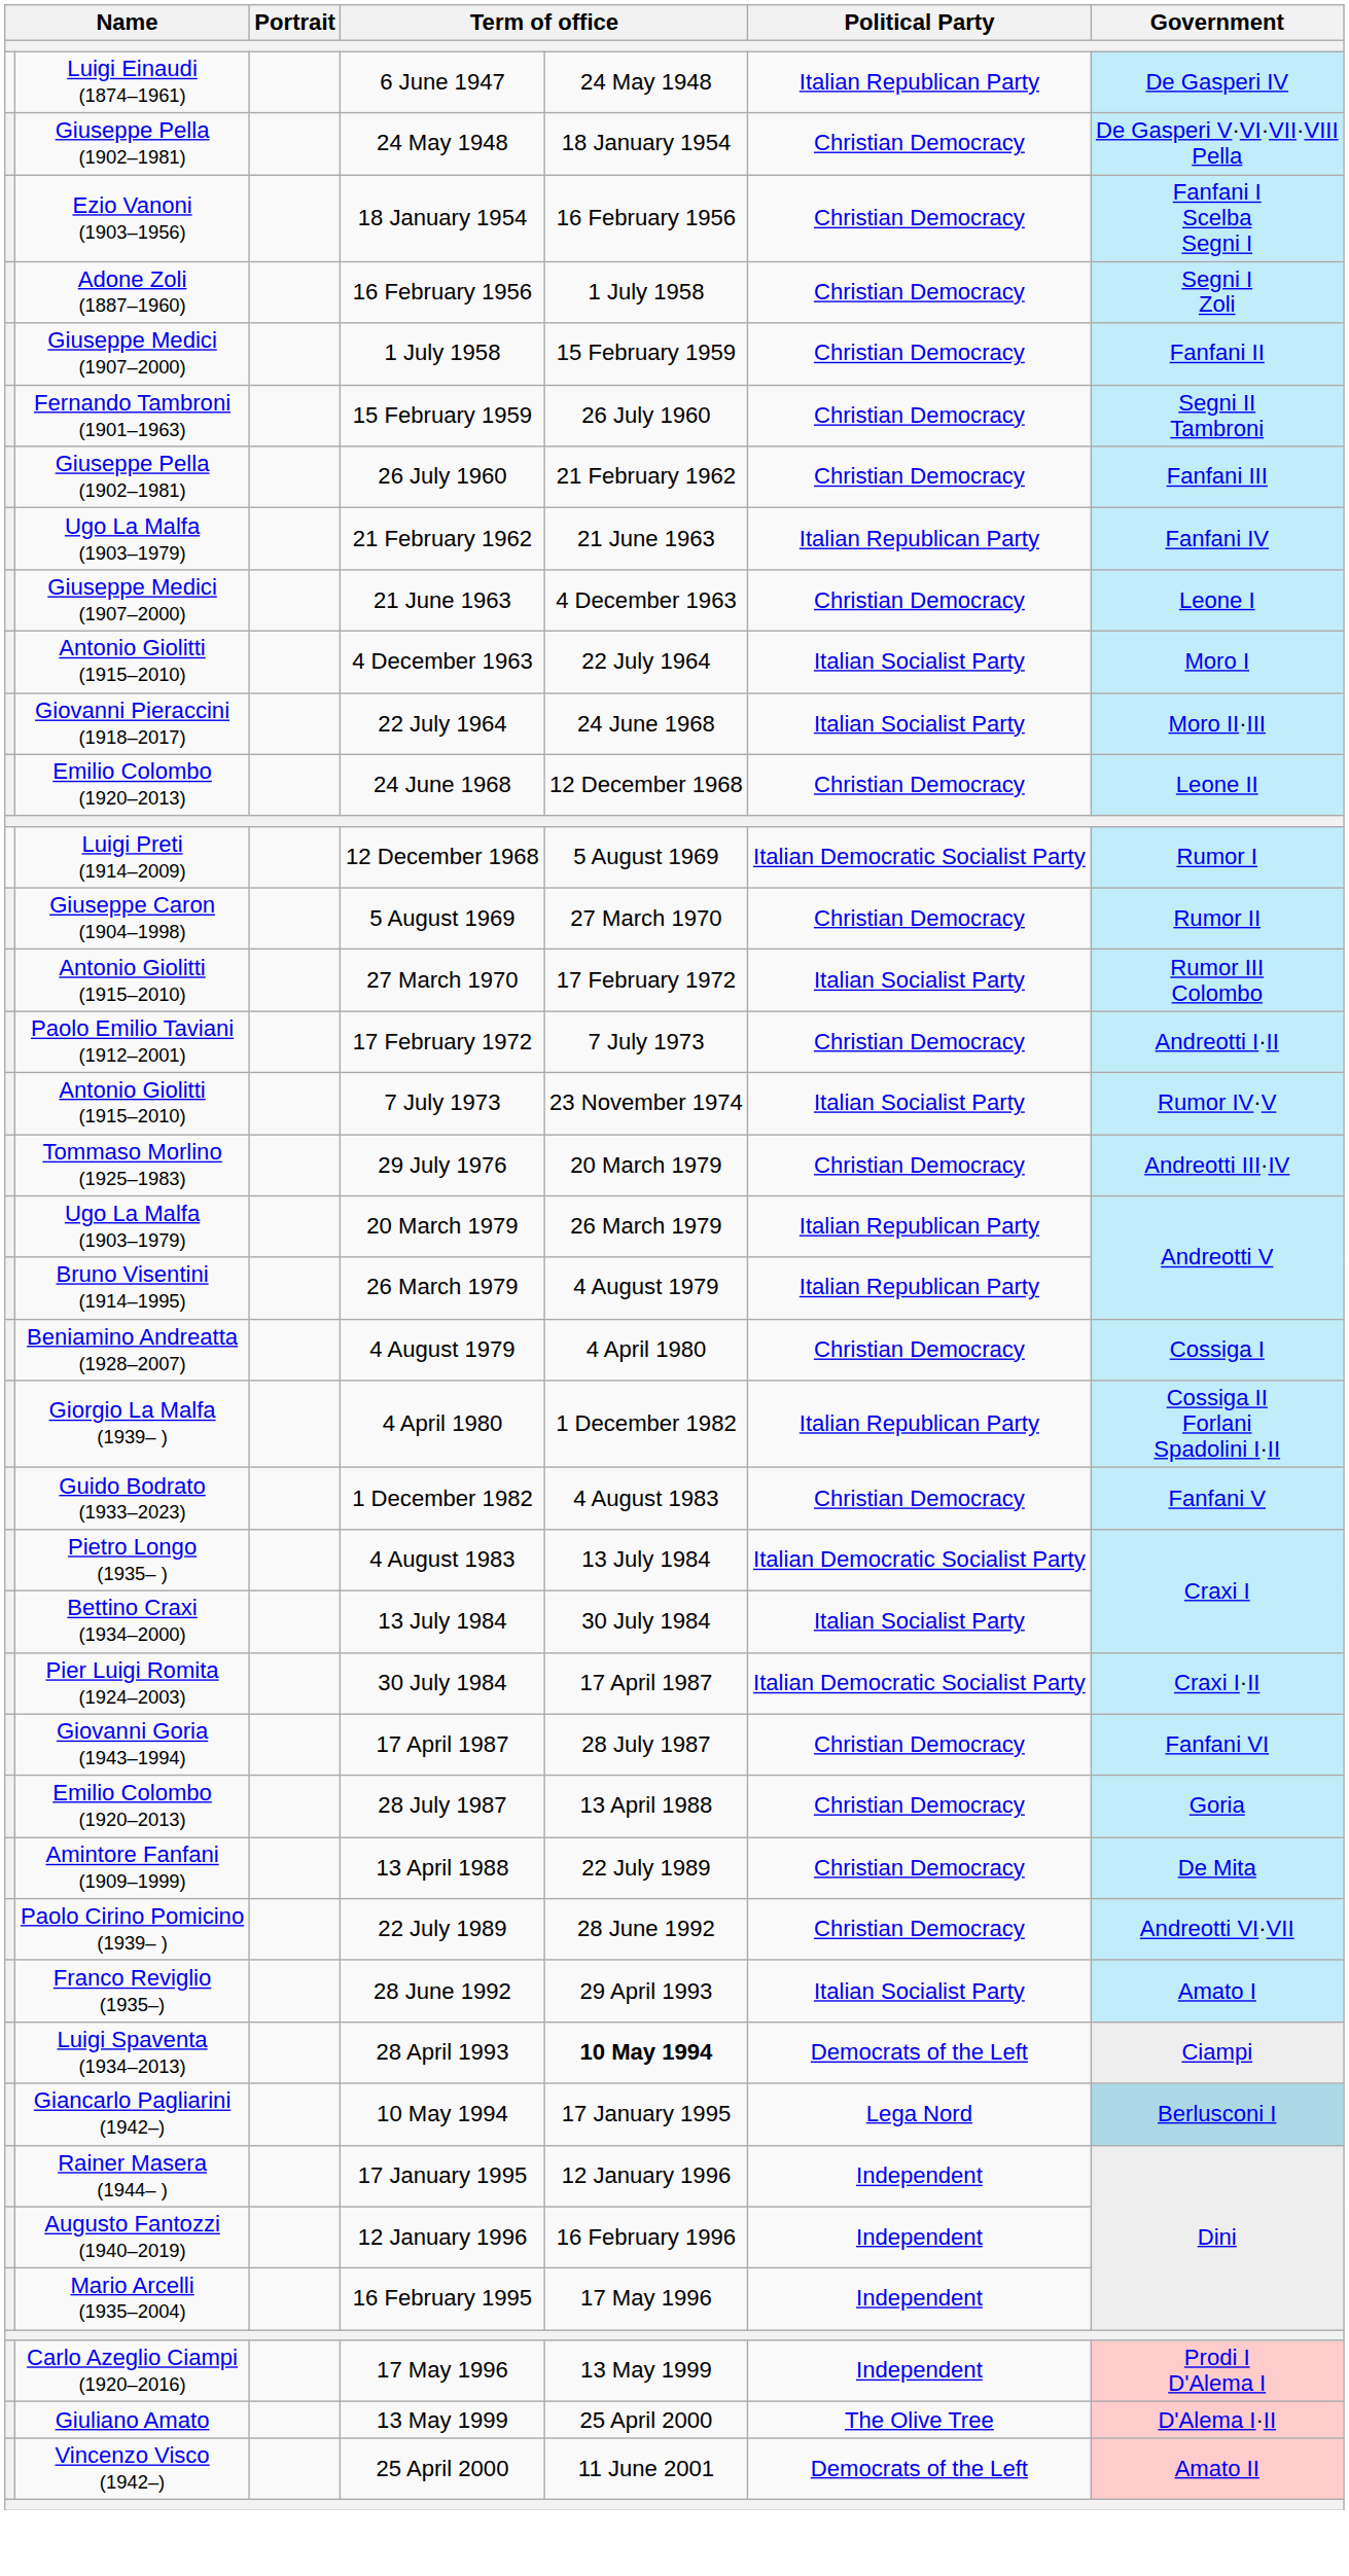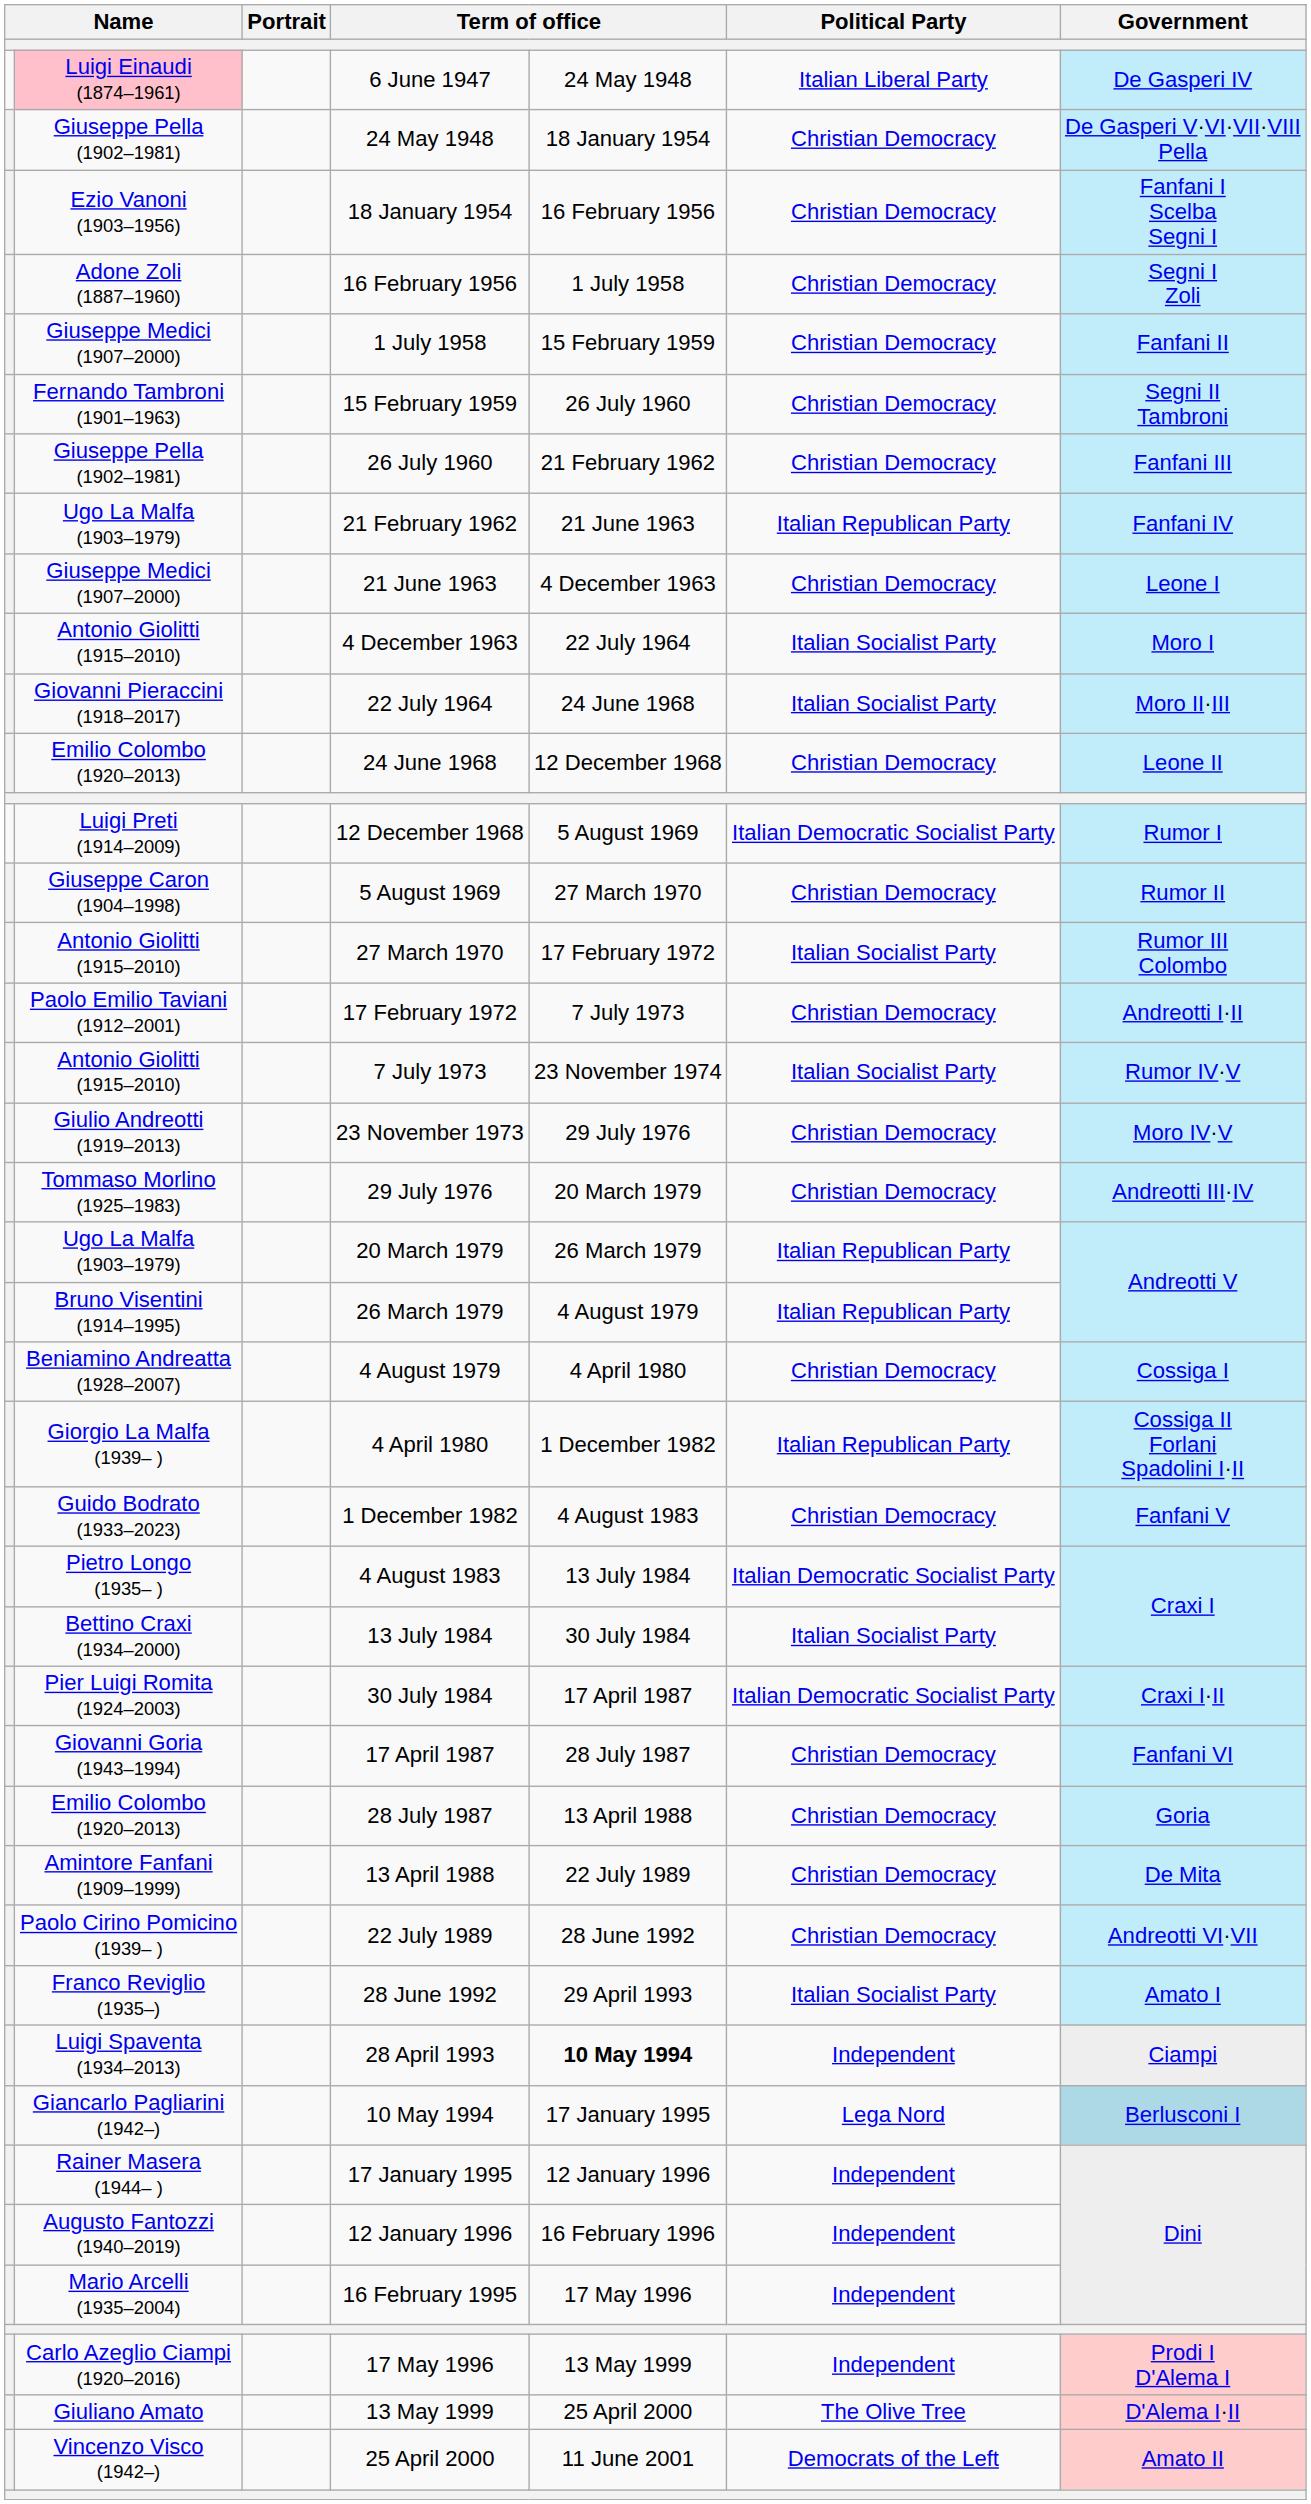 <table class="wikitable" style="text-align:center">
 <tr>
 <th colspan=2>Name<br></th>
 <th>Portrait</th>
 <th colspan=2>Term of office</th>
 <th>Political Party</th>
 <th>Government</th>
 </tr>
 <tr>
 <th colspan=7></th>
 </tr>
 <tr>
 <td style="background:"></td>
-<td><a href='#'>Luigi Einaudi</a><br><small>(1874–1961)</small></td>
+<td style="background: pink;"><a href='#'>Luigi Einaudi</a><br><small>(1874–1961)</small></td>
 <td></td>
 <td>6 June 1947</td>
 <td>24 May 1948</td>
-<td><a href='#'>Italian Republican Party</a></td>
+<td><a href='#'>Italian Liberal Party</a></td>
 <td bgcolor=#C1ECFA><a href='#'>De Gasperi IV</a></td>
 </tr>
 <tr>
 <th style="background:"></th>
 <td><a href='#'>Giuseppe Pella</a><br><small>(1902–1981)</small></td>
 <td></td>
 <td>24 May 1948</td>
 <td>18 January 1954</td>
 <td><a href='#'>Christian Democracy</a></td>
 <td bgcolor=#C1ECFA><a href='#'>De Gasperi V</a>·<a href='#'>VI</a>·<a href='#'>VII</a>·<a href='#'>VIII</a><br><a href='#'>Pella</a></td>
 </tr>
 <tr>
 <th style="background:"></th>
 <td><a href='#'>Ezio Vanoni</a><br><small>(1903–1956)</small></td>
 <td></td>
 <td>18 January 1954</td>
 <td>16 February 1956</td>
 <td><a href='#'>Christian Democracy</a></td>
 <td bgcolor=#C1ECFA><a href='#'>Fanfani I</a><br><a href='#'>Scelba</a><br><a href='#'>Segni I</a></td>
 </tr>
 <tr>
 <th style="background:"></th>
 <td><a href='#'>Adone Zoli</a><br><small>(1887–1960)</small></td>
 <td></td>
 <td>16 February 1956</td>
 <td>1 July 1958</td>
 <td><a href='#'>Christian Democracy</a></td>
 <td bgcolor=#C1ECFA><a href='#'>Segni I</a><br><a href='#'>Zoli</a></td>
 </tr>
 <tr>
 <th style="background:"></th>
 <td><a href='#'>Giuseppe Medici</a><br><small>(1907–2000)</small></td>
 <td></td>
 <td>1 July 1958</td>
 <td>15 February 1959</td>
 <td><a href='#'>Christian Democracy</a></td>
 <td bgcolor=#C1ECFA><a href='#'>Fanfani II</a></td>
 </tr>
 <tr>
 <th style="background:"></th>
 <td><a href='#'>Fernando Tambroni</a><br><small>(1901–1963)</small></td>
 <td></td>
 <td>15 February 1959</td>
 <td>26 July 1960</td>
 <td><a href='#'>Christian Democracy</a></td>
 <td bgcolor=#C1ECFA><a href='#'>Segni II</a><br><a href='#'>Tambroni</a></td>
 </tr>
 <tr>
 <th style="background:"></th>
 <td><a href='#'>Giuseppe Pella</a><br><small>(1902–1981)</small></td>
 <td></td>
 <td>26 July 1960</td>
 <td>21 February 1962</td>
 <td><a href='#'>Christian Democracy</a></td>
 <td bgcolor=#C1ECFA><a href='#'>Fanfani III</a></td>
 </tr>
 <tr>
 <th style="background:"></th>
 <td><a href='#'>Ugo La Malfa</a><br><small>(1903–1979)</small></td>
 <td></td>
 <td>21 February 1962</td>
 <td>21 June 1963</td>
 <td><a href='#'>Italian Republican Party</a></td>
 <td bgcolor=#C1ECFA><a href='#'>Fanfani IV</a></td>
 </tr>
 <tr>
 <th style="background:"></th>
 <td><a href='#'>Giuseppe Medici</a><br><small>(1907–2000)</small></td>
 <td></td>
 <td>21 June 1963</td>
 <td>4 December 1963</td>
 <td><a href='#'>Christian Democracy</a></td>
 <td bgcolor=#C1ECFA><a href='#'>Leone I</a></td>
 </tr>
 <tr>
 <th style="background:"></th>
 <td><a href='#'>Antonio Giolitti</a><br><small>(1915–2010)</small></td>
 <td></td>
 <td>4 December 1963</td>
 <td>22 July 1964</td>
 <td><a href='#'>Italian Socialist Party</a></td>
 <td bgcolor=#C1ECFA><a href='#'>Moro I</a></td>
 </tr>
 <tr>
 <th style="background:"></th>
 <td><a href='#'>Giovanni Pieraccini</a><br><small>(1918–2017)</small></td>
 <td></td>
 <td>22 July 1964</td>
 <td>24 June 1968</td>
 <td><a href='#'>Italian Socialist Party</a></td>
 <td bgcolor=#C1ECFA><a href='#'>Moro II</a>·<a href='#'>III</a></td>
 </tr>
 <tr>
 <th style="background:"></th>
 <td><a href='#'>Emilio Colombo</a><br><small>(1920–2013)</small></td>
 <td></td>
 <td>24 June 1968</td>
 <td>12 December 1968</td>
 <td><a href='#'>Christian Democracy</a></td>
 <td bgcolor=#C1ECFA><a href='#'>Leone II</a></td>
 </tr>
 <tr>
 <th colspan=7></th>
 </tr>
 <tr>
 <td style="background:"></td>
 <td><a href='#'>Luigi Preti</a><br><small>(1914–2009)</small></td>
 <td></td>
 <td>12 December 1968</td>
 <td>5 August 1969</td>
 <td><a href='#'>Italian Democratic Socialist Party</a></td>
 <td bgcolor=#C1ECFA><a href='#'>Rumor I</a></td>
 </tr>
 <tr>
 <th style="background:"></th>
 <td><a href='#'>Giuseppe Caron</a><br><small>(1904–1998)</small></td>
 <td></td>
 <td>5 August 1969</td>
 <td>27 March 1970</td>
 <td><a href='#'>Christian Democracy</a></td>
 <td bgcolor=#C1ECFA><a href='#'>Rumor II</a></td>
 </tr>
 <tr>
 <th style="background:"></th>
 <td><a href='#'>Antonio Giolitti</a><br><small>(1915–2010)</small></td>
 <td></td>
 <td>27 March 1970</td>
 <td>17 February 1972</td>
 <td><a href='#'>Italian Socialist Party</a></td>
 <td bgcolor=#C1ECFA><a href='#'>Rumor III</a><br><a href='#'>Colombo</a></td>
 </tr>
 <tr>
 <th style="background:"></th>
 <td><a href='#'>Paolo Emilio Taviani</a><br><small>(1912–2001)</small></td>
 <td></td>
 <td>17 February 1972</td>
 <td>7 July 1973</td>
 <td><a href='#'>Christian Democracy</a></td>
 <td bgcolor=#C1ECFA><a href='#'>Andreotti I</a>·<a href='#'>II</a></td>
 </tr>
 <tr>
 <th style="background:"></th>
 <td><a href='#'>Antonio Giolitti</a><br><small>(1915–2010)</small></td>
 <td></td>
 <td>7 July 1973</td>
 <td>23 November 1974</td>
 <td><a href='#'>Italian Socialist Party</a></td>
 <td bgcolor=#C1ECFA><a href='#'>Rumor IV</a>·<a href='#'>V</a></td>
 </tr>
 <tr>
 <th style="background:"></th>
+<td><a href='#'>Giulio Andreotti</a><br><small>(1919–2013)</small></td>
+<td></td>
+<td>23 November 1973</td>
+<td>29 July 1976</td>
+<td><a href='#'>Christian Democracy</a></td>
+<td bgcolor=#C1ECFA><a href='#'>Moro IV</a>·<a href='#'>V</a></td>
+</tr>
+<tr>
+<th style="background:"></th>
 <td><a href='#'>Tommaso Morlino</a><br><small>(1925–1983)</small></td>
 <td></td>
 <td>29 July 1976</td>
 <td>20 March 1979</td>
 <td><a href='#'>Christian Democracy</a></td>
 <td bgcolor=#C1ECFA><a href='#'>Andreotti III</a>·<a href='#'>IV</a></td>
 </tr>
 <tr>
 <th style="background:"></th>
 <td><a href='#'>Ugo La Malfa</a><br><small>(1903–1979)</small></td>
 <td></td>
 <td>20 March 1979</td>
 <td>26 March 1979</td>
 <td><a href='#'>Italian Republican Party</a></td>
 <td rowspan=2 bgcolor=#C1ECFA><a href='#'>Andreotti V</a></td>
 </tr>
 <tr>
 <th style="background:"></th>
 <td><a href='#'>Bruno Visentini</a><br><small>(1914–1995)</small></td>
 <td></td>
 <td>26 March 1979</td>
 <td>4 August 1979</td>
 <td><a href='#'>Italian Republican Party</a></td>
 </tr>
 <tr>
 <th style="background:"></th>
 <td><a href='#'>Beniamino Andreatta</a><br><small>(1928–2007)</small></td>
 <td></td>
 <td>4 August 1979</td>
 <td>4 April 1980</td>
 <td><a href='#'>Christian Democracy</a></td>
 <td bgcolor=#C1ECFA><a href='#'>Cossiga I</a></td>
 </tr>
 <tr>
 <th style="background:"></th>
 <td><a href='#'>Giorgio La Malfa</a><br><small>(1939– )</small></td>
 <td></td>
 <td>4 April 1980</td>
 <td>1 December 1982</td>
 <td><a href='#'>Italian Republican Party</a></td>
 <td bgcolor=#C1ECFA><a href='#'>Cossiga II</a><br><a href='#'>Forlani</a><br><a href='#'>Spadolini I</a>·<a href='#'>II</a></td>
 </tr>
 <tr>
 <th style="background:"></th>
 <td><a href='#'>Guido Bodrato</a><br><small>(1933–2023)</small></td>
 <td></td>
 <td>1 December 1982</td>
 <td>4 August 1983</td>
 <td><a href='#'>Christian Democracy</a></td>
 <td bgcolor=#C1ECFA><a href='#'>Fanfani V</a></td>
 </tr>
 <tr>
 <th style="background:"></th>
 <td><a href='#'>Pietro Longo</a><br><small>(1935– )</small></td>
 <td></td>
 <td>4 August 1983</td>
 <td>13 July 1984</td>
 <td><a href='#'>Italian Democratic Socialist Party</a></td>
 <td rowspan=2 bgcolor=#C1ECFA><a href='#'>Craxi I</a></td>
 </tr>
 <tr>
 <th style="background:"></th>
 <td><a href='#'>Bettino Craxi</a><br><small>(1934–2000)</small></td>
 <td></td>
 <td>13 July 1984</td>
 <td>30 July 1984</td>
 <td><a href='#'>Italian Socialist Party</a></td>
 </tr>
 <tr>
 <th style="background:"></th>
 <td><a href='#'>Pier Luigi Romita</a><br><small>(1924–2003)</small></td>
 <td></td>
 <td>30 July 1984</td>
 <td>17 April 1987</td>
 <td><a href='#'>Italian Democratic Socialist Party</a></td>
 <td bgcolor=#C1ECFA><a href='#'>Craxi I</a>·<a href='#'>II</a></td>
 </tr>
 <tr>
 <th style="background:"></th>
 <td><a href='#'>Giovanni Goria</a><br><small>(1943–1994)</small></td>
 <td></td>
 <td>17 April 1987</td>
 <td>28 July 1987</td>
 <td><a href='#'>Christian Democracy</a></td>
 <td bgcolor=#C1ECFA><a href='#'>Fanfani VI</a></td>
 </tr>
 <tr>
 <th style="background:"></th>
 <td><a href='#'>Emilio Colombo</a><br><small>(1920–2013)</small></td>
 <td></td>
 <td>28 July 1987</td>
 <td>13 April 1988</td>
 <td><a href='#'>Christian Democracy</a></td>
 <td bgcolor=#C1ECFA><a href='#'>Goria</a></td>
 </tr>
 <tr>
 <th style="background:"></th>
 <td><a href='#'>Amintore Fanfani</a><br><small>(1909–1999)</small></td>
 <td></td>
 <td>13 April 1988</td>
 <td>22 July 1989</td>
 <td><a href='#'>Christian Democracy</a></td>
 <td bgcolor=#C1ECFA><a href='#'>De Mita</a></td>
 </tr>
 <tr>
 <th style="background:"></th>
 <td><a href='#'>Paolo Cirino Pomicino</a><br><small>(1939– )</small></td>
 <td></td>
 <td>22 July 1989</td>
 <td>28 June 1992</td>
 <td><a href='#'>Christian Democracy</a></td>
 <td bgcolor=#C1ECFA><a href='#'>Andreotti VI</a>·<a href='#'>VII</a></td>
 </tr>
 <tr>
 <th style="background:"></th>
 <td><a href='#'>Franco Reviglio</a><br><small>(1935–)</small></td>
 <td></td>
 <td>28 June 1992</td>
 <td>29 April 1993</td>
 <td><a href='#'>Italian Socialist Party</a></td>
 <td bgcolor=#C1ECFA><a href='#'>Amato I</a></td>
 </tr>
 <tr>
 <th style="background:"></th>
 <td><a href='#'>Luigi Spaventa</a><br><small>(1934–2013)</small></td>
 <td></td>
 <td>28 April 1993</td>
 <td><strong>10 May 1994</strong></td>
-<td><a href='#'>Democrats of the Left</a></td>
+<td><a href='#'>Independent</a></td>
 <td bgcolor=#EEEEEE><a href='#'>Ciampi</a></td>
 </tr>
 <tr>
 <th style="background:"></th>
 <td><a href='#'>Giancarlo Pagliarini</a><br><small>(1942–)</small></td>
 <td></td>
 <td>10 May 1994</td>
 <td>17 January 1995</td>
 <td><a href='#'>Lega Nord</a></td>
 <td bgcolor=#ADD8E6><a href='#'>Berlusconi I</a></td>
 </tr>
 <tr>
 <th style="background:"></th>
 <td><a href='#'>Rainer Masera</a><br><small>(1944– )</small></td>
 <td></td>
 <td>17 January 1995</td>
 <td>12 January 1996</td>
 <td><a href='#'>Independent</a></td>
 <td rowspan=3 bgcolor=#EEEEEE><a href='#'>Dini</a></td>
 </tr>
 <tr>
 <th style="background:"></th>
 <td><a href='#'>Augusto Fantozzi</a><br><small>(1940–2019)</small></td>
 <td></td>
 <td>12 January 1996</td>
 <td>16 February 1996</td>
 <td><a href='#'>Independent</a></td>
 </tr>
 <tr>
 <th style="background:"></th>
 <td><a href='#'>Mario Arcelli</a><br><small>(1935–2004)</small></td>
 <td></td>
 <td>16 February 1995</td>
 <td>17 May 1996</td>
 <td><a href='#'>Independent</a></td>
 </tr>
 <tr>
 <th colspan=7></th>
 </tr>
 <tr>
 <th style="background:"></th>
 <td><a href='#'>Carlo Azeglio Ciampi</a><br><small>(1920–2016)</small></td>
 <td></td>
 <td>17 May 1996</td>
 <td>13 May 1999</td>
 <td><a href='#'>Independent</a></td>
 <td bgcolor=#FFCCCC><a href='#'>Prodi I</a><br><a href='#'>D'Alema I</a></td>
 </tr>
 <tr>
 <th style="background:"></th>
 <td><a href='#'>Giuliano Amato</a><br></td>
 <td></td>
 <td>13 May 1999</td>
 <td>25 April 2000</td>
 <td><a href='#'>The Olive Tree</a></td>
 <td bgcolor=#FFCCCC><a href='#'>D'Alema I</a>·<a href='#'>II</a></td>
 </tr>
 <tr>
 <th style="background:"></th>
 <td><a href='#'>Vincenzo Visco</a><br><small>(1942–)</small></td>
 <td></td>
 <td>25 April 2000</td>
 <td>11 June 2001</td>
 <td><a href='#'>Democrats of the Left</a></td>
 <td bgcolor=#FFCCCC><a href='#'>Amato II</a></td>
 </tr>
 <tr>
 <th colspan=7></th>
 </tr>
 </table>
